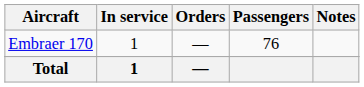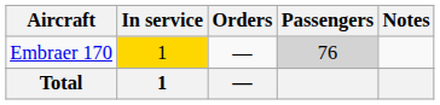 <table class="wikitable" style="margin:1em auto; border-collapse:collapse;text-align:center">
 <tr>
 <th>Aircraft</th>
 <th>In service</th>
 <th>Orders</th>
 <th>Passengers</th>
 <th>Notes</th>
 </tr>
 <tr>
 <td><a href='#'>Embraer 170</a></td>
-<td>1</td>
+<td style="background: gold;">1</td>
 <td>—</td>
-<td>76</td>
+<td style="background: lightgrey;">76</td>
 <td></td>
 </tr>
 <tr>
 </tr>
 <tr>
 <th>Total</th>
 <th>1</th>
 <th>—</th>
 <th></th>
 <th colspan="4"></th>
 </tr>
 </table>
